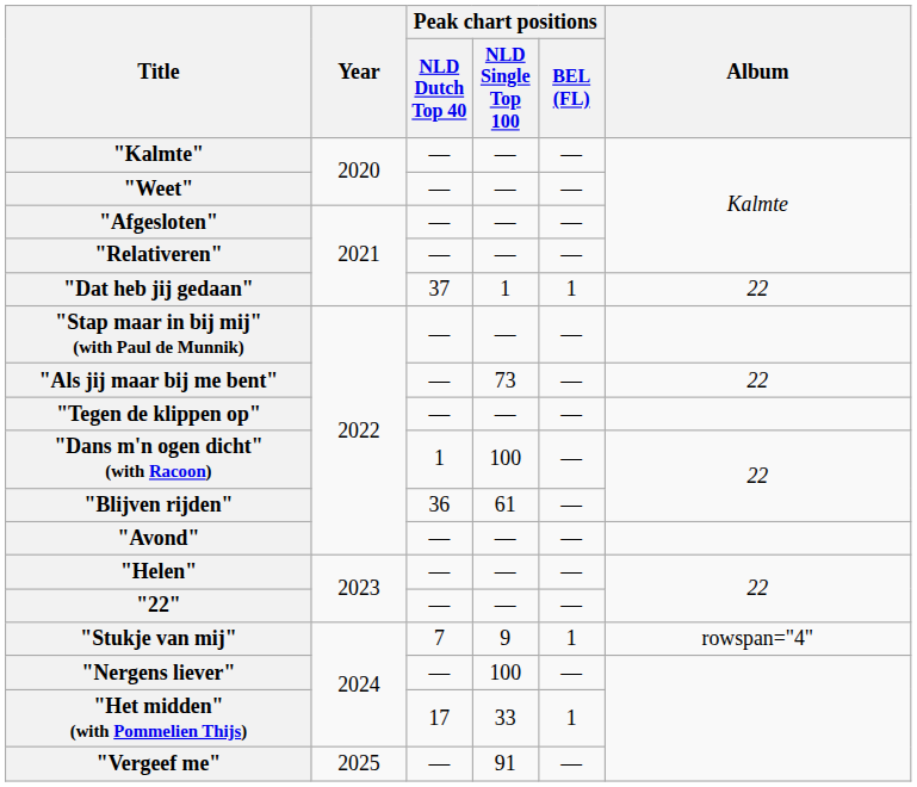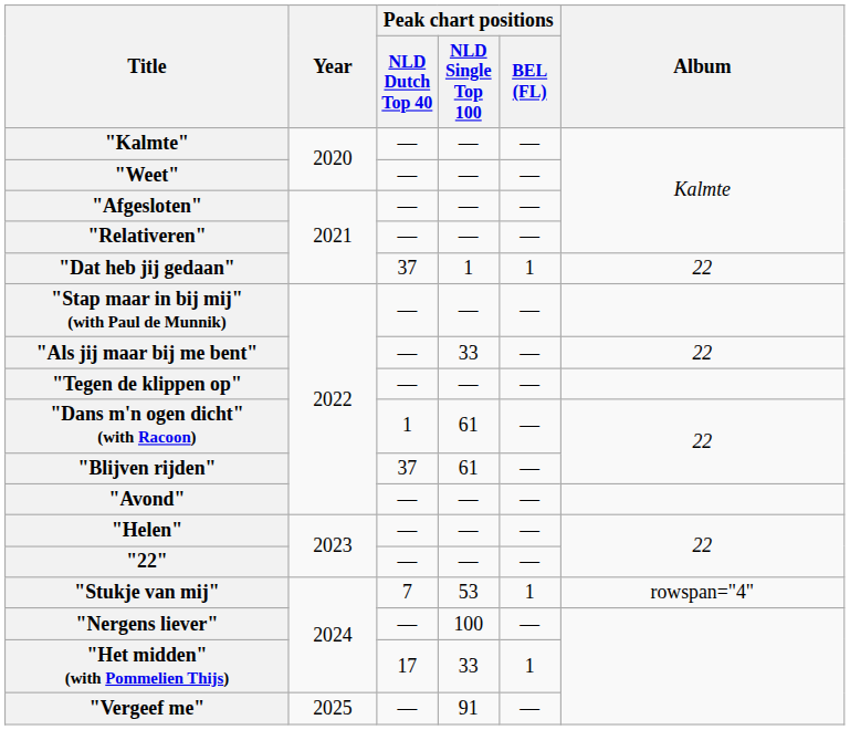 <table class="wikitable plainrowheaders" style="text-align:center;">
 <tr>
 <th scope="col" rowspan="2" style="width:14em;">Title</th>
 <th scope="col" rowspan="2" style="width:4em;">Year</th>
 <th scope="col" colspan="3">Peak chart positions</th>
 <th scope="col" rowspan="2" style="width:14em;">Album</th>
 </tr>
 <tr>
 <th scope="col" style="width:3em;font-size:90%;"><a href='#'>NLD<br>Dutch<br>Top 40</a><br></th>
 <th scope="col" style="width:3em;font-size:90%;"><a href='#'>NLD<br>Single<br>Top 100</a><br></th>
 <th scope="col" style="width:3em;font-size:90%;"><a href='#'>BEL<br>(FL)</a><br></th>
 </tr>
 <tr>
 <th scope="row">"Kalmte"</th>
 <td rowspan="2">2020</td>
 <td>—</td>
 <td>—</td>
 <td>—</td>
 <td rowspan="4"><em>Kalmte</em></td>
 </tr>
 <tr>
 <th scope="row">"Weet"</th>
 <td>—</td>
 <td>—</td>
 <td>—</td>
 </tr>
 <tr>
 <th scope="row">"Afgesloten"</th>
 <td rowspan="3">2021</td>
 <td>—</td>
 <td>—</td>
 <td>—</td>
 </tr>
 <tr>
 <th scope="row">"Relativeren"</th>
 <td>—</td>
 <td>—</td>
 <td>—</td>
 </tr>
 <tr>
 <th scope="row">"Dat heb jij gedaan"</th>
 <td>37</td>
 <td>1</td>
 <td>1</td>
 <td><em>22</em></td>
 </tr>
 <tr>
 <th scope="row">"Stap maar in bij mij"<br><small>(with Paul de Munnik)</small></th>
 <td rowspan="6">2022</td>
 <td>—</td>
 <td>—</td>
 <td>—</td>
 <td></td>
 </tr>
 <tr>
 <th scope="row">"Als jij maar bij me bent"</th>
 <td>—</td>
-<td>73</td>
+<td>33</td>
 <td>—</td>
 <td><em>22</em></td>
 </tr>
 <tr>
 <th scope="row">"Tegen de klippen op"</th>
 <td>—</td>
 <td>—</td>
 <td>—</td>
 <td></td>
 </tr>
 <tr>
 <th scope="row">"Dans m'n ogen dicht"<br><small>(with <a href='#'>Racoon</a>)</small></th>
 <td>1</td>
-<td>100</td>
+<td>61</td>
 <td>—</td>
 <td rowspan="2"><em>22</em></td>
 </tr>
 <tr>
 <th scope="row">"Blijven rijden"</th>
-<td>36</td>
+<td>37</td>
 <td>61</td>
 <td>—</td>
 </tr>
 <tr>
 <th scope="row">"Avond"</th>
 <td>—</td>
 <td>—</td>
 <td>—</td>
 <td></td>
 </tr>
 <tr>
 <th scope="row">"Helen"</th>
 <td rowspan="2">2023</td>
 <td>—</td>
 <td>—</td>
 <td>—</td>
 <td rowspan="2"><em>22</em></td>
 </tr>
 <tr>
 <th scope="row">"22"</th>
 <td>—</td>
 <td>—</td>
 <td>—</td>
 </tr>
 <tr>
 <th scope="row">"Stukje van mij"</th>
 <td rowspan="3">2024</td>
 <td>7</td>
-<td>9</td>
+<td>53</td>
 <td>1</td>
 <td>rowspan="4" </td>
 </tr>
 <tr>
 <th scope="row">"Nergens liever"</th>
 <td>—</td>
 <td>100</td>
 <td>—</td>
 </tr>
 <tr>
 <th scope="row">"Het midden"<br><small>(with <a href='#'>Pommelien Thijs</a>)</small></th>
 <td>17</td>
 <td>33</td>
 <td>1</td>
 </tr>
 <tr>
 <th scope="row">"Vergeef me"</th>
 <td>2025</td>
 <td>—</td>
 <td>91</td>
 <td>—</td>
 </tr>
 </table>
